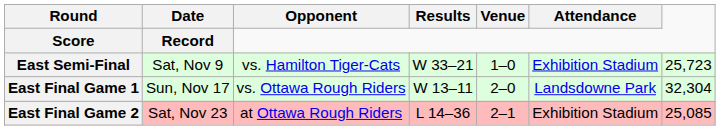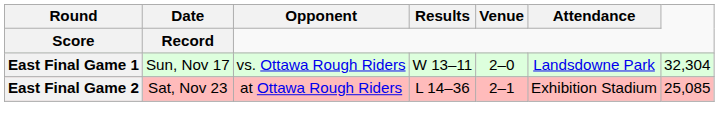 <table class="wikitable" style="text-align:center">
 <tr>
 <th>Round</th>
 <th>Date</th>
 <th>Opponent</th>
 <th>Results</th>
 <th>Venue</th>
 <th>Attendance</th>
 </tr>
 <tr>
 <th>Score</th>
 <th>Record</th>
-</tr>
-<tr style="background:#ddffdd">
-<th>East Semi-Final</th>
-<td>Sat, Nov 9</td>
-<td>vs. <a href='#'>Hamilton Tiger-Cats</a></td>
-<td>W 33–21</td>
-<td>1–0</td>
-<td><a href='#'>Exhibition Stadium</a></td>
-<td>25,723</td>
 </tr>
 <tr style="background:#ddffdd">
 <th>East Final Game 1</th>
 <td>Sun, Nov 17</td>
 <td>vs. <a href='#'>Ottawa Rough Riders</a></td>
 <td>W 13–11</td>
 <td>2–0</td>
 <td><a href='#'>Landsdowne Park</a></td>
 <td>32,304</td>
 </tr>
 <tr style="background:#ffbbbb">
 <th>East Final Game 2</th>
 <td>Sat, Nov 23</td>
 <td>at <a href='#'>Ottawa Rough Riders</a></td>
 <td>L 14–36</td>
 <td>2–1</td>
 <td>Exhibition Stadium</td>
 <td>25,085</td>
 </tr>
 </table>
